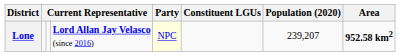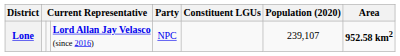 <table class="wikitable sortable" style="margin: 1em auto; font-size:100%; line-height:20px; text-align:center">
 <tr>
 <th>District</th>
 <th colspan="3">Current Representative</th>
 <th>Party</th>
 <th>Constituent LGUs</th>
 <th>Population (2020)</th>
 <th>Area</th>
 </tr>
 <tr>
 <th><a href='#'>Lone</a></th>
 <td style="background:"></td>
 <td></td>
 <td style="text-align:left;"><strong><a href='#'>Lord Allan Jay Velasco</a></strong><br><small>(since <a href='#'>2016</a>)</small></td>
-<td style="background: lightyellow;"><a href='#'>NPC</a></td>
+<td><a href='#'>NPC</a></td>
 <td></td>
-<td>239,207</td>
+<td>239,107</td>
 <td><strong>952.58 km<sup>2</sup></strong></td>
 </tr>
 </table>
